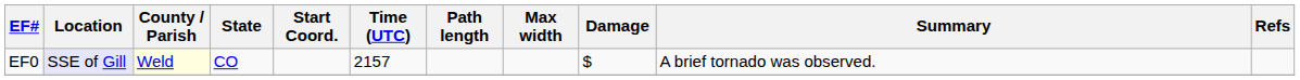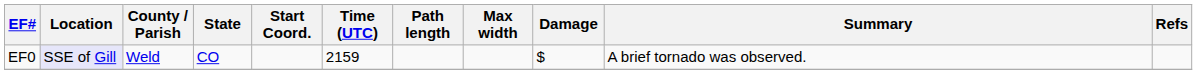 <table class="wikitable sortable" style="width:100%;">
 <tr>
 <th scope="col" width="3%" align="center"><a href='#'>EF#</a></th>
 <th scope="col" width="7%" align="center" class="unsortable">Location</th>
 <th scope="col" width="6%" align="center" class="unsortable">County / Parish</th>
 <th scope="col" width="5%" align="center">State</th>
 <th scope="col" width="6%" align="center">Start Coord.</th>
 <th scope="col" width="6%" align="center">Time (<a href='#'>UTC</a>)</th>
 <th scope="col" width="6%" align="center">Path length</th>
 <th scope="col" width="6%" align="center">Max width</th>
 <th scope="col" width="6%" align="center">Damage</th>
 <th scope="col" width="48%" class="unsortable" align="center">Summary</th>
 <th scope="col" width="48%" class="unsortable" align="center">Refs</th>
 </tr>
 <tr>
 <td>EF0</td>
 <td style="background: lavender;">SSE of <a href='#'>Gill</a></td>
-<td style="background: lightyellow;"><a href='#'>Weld</a></td>
+<td><a href='#'>Weld</a></td>
 <td><a href='#'>CO</a></td>
 <td></td>
-<td>2157</td>
+<td>2159</td>
 <td></td>
 <td></td>
 <td>$</td>
 <td>A brief tornado was observed.</td>
 <td></td>
 </tr>
 <tr>
 </tr>
 </table>
